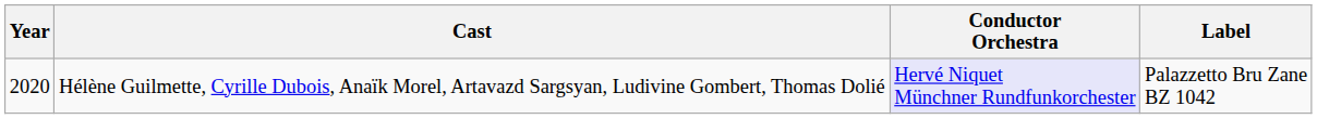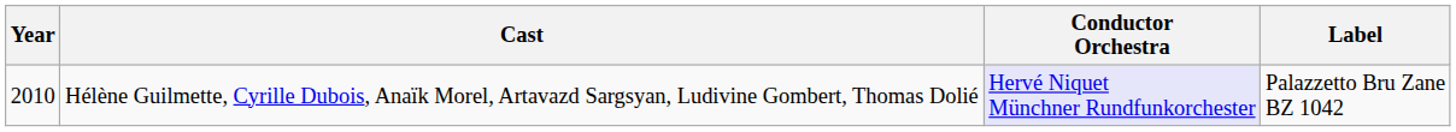 <table class="wikitable">
 <tr>
 <th>Year</th>
 <th>Cast</th>
 <th>Conductor<br>Orchestra</th>
 <th>Label</th>
 </tr>
 <tr>
-<td>2020</td>
+<td>2010</td>
 <td>Hélène Guilmette, <a href='#'>Cyrille Dubois</a>, Anaïk Morel, Artavazd Sargsyan, Ludivine Gombert, Thomas Dolié</td>
 <td style="background: lavender;"><a href='#'>Hervé Niquet</a><br><a href='#'>Münchner Rundfunkorchester</a></td>
 <td>Palazzetto Bru Zane<br>BZ 1042</td>
 </tr>
 </table>
